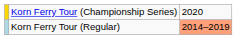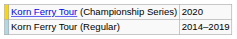 <table class="wikitable" style="font-size:95%">
 <tr>
 <td style="background:gold"></td>
 <td><a href='#'>Korn Ferry Tour</a> (Championship Series)</td>
 <td>2020</td>
 </tr>
 <tr>
 <td style="background:lightblue"></td>
 <td>Korn Ferry Tour (Regular)</td>
-<td style="background: lightsalmon;">2014–2019</td>
+<td>2014–2019</td>
 </tr>
 </table>
